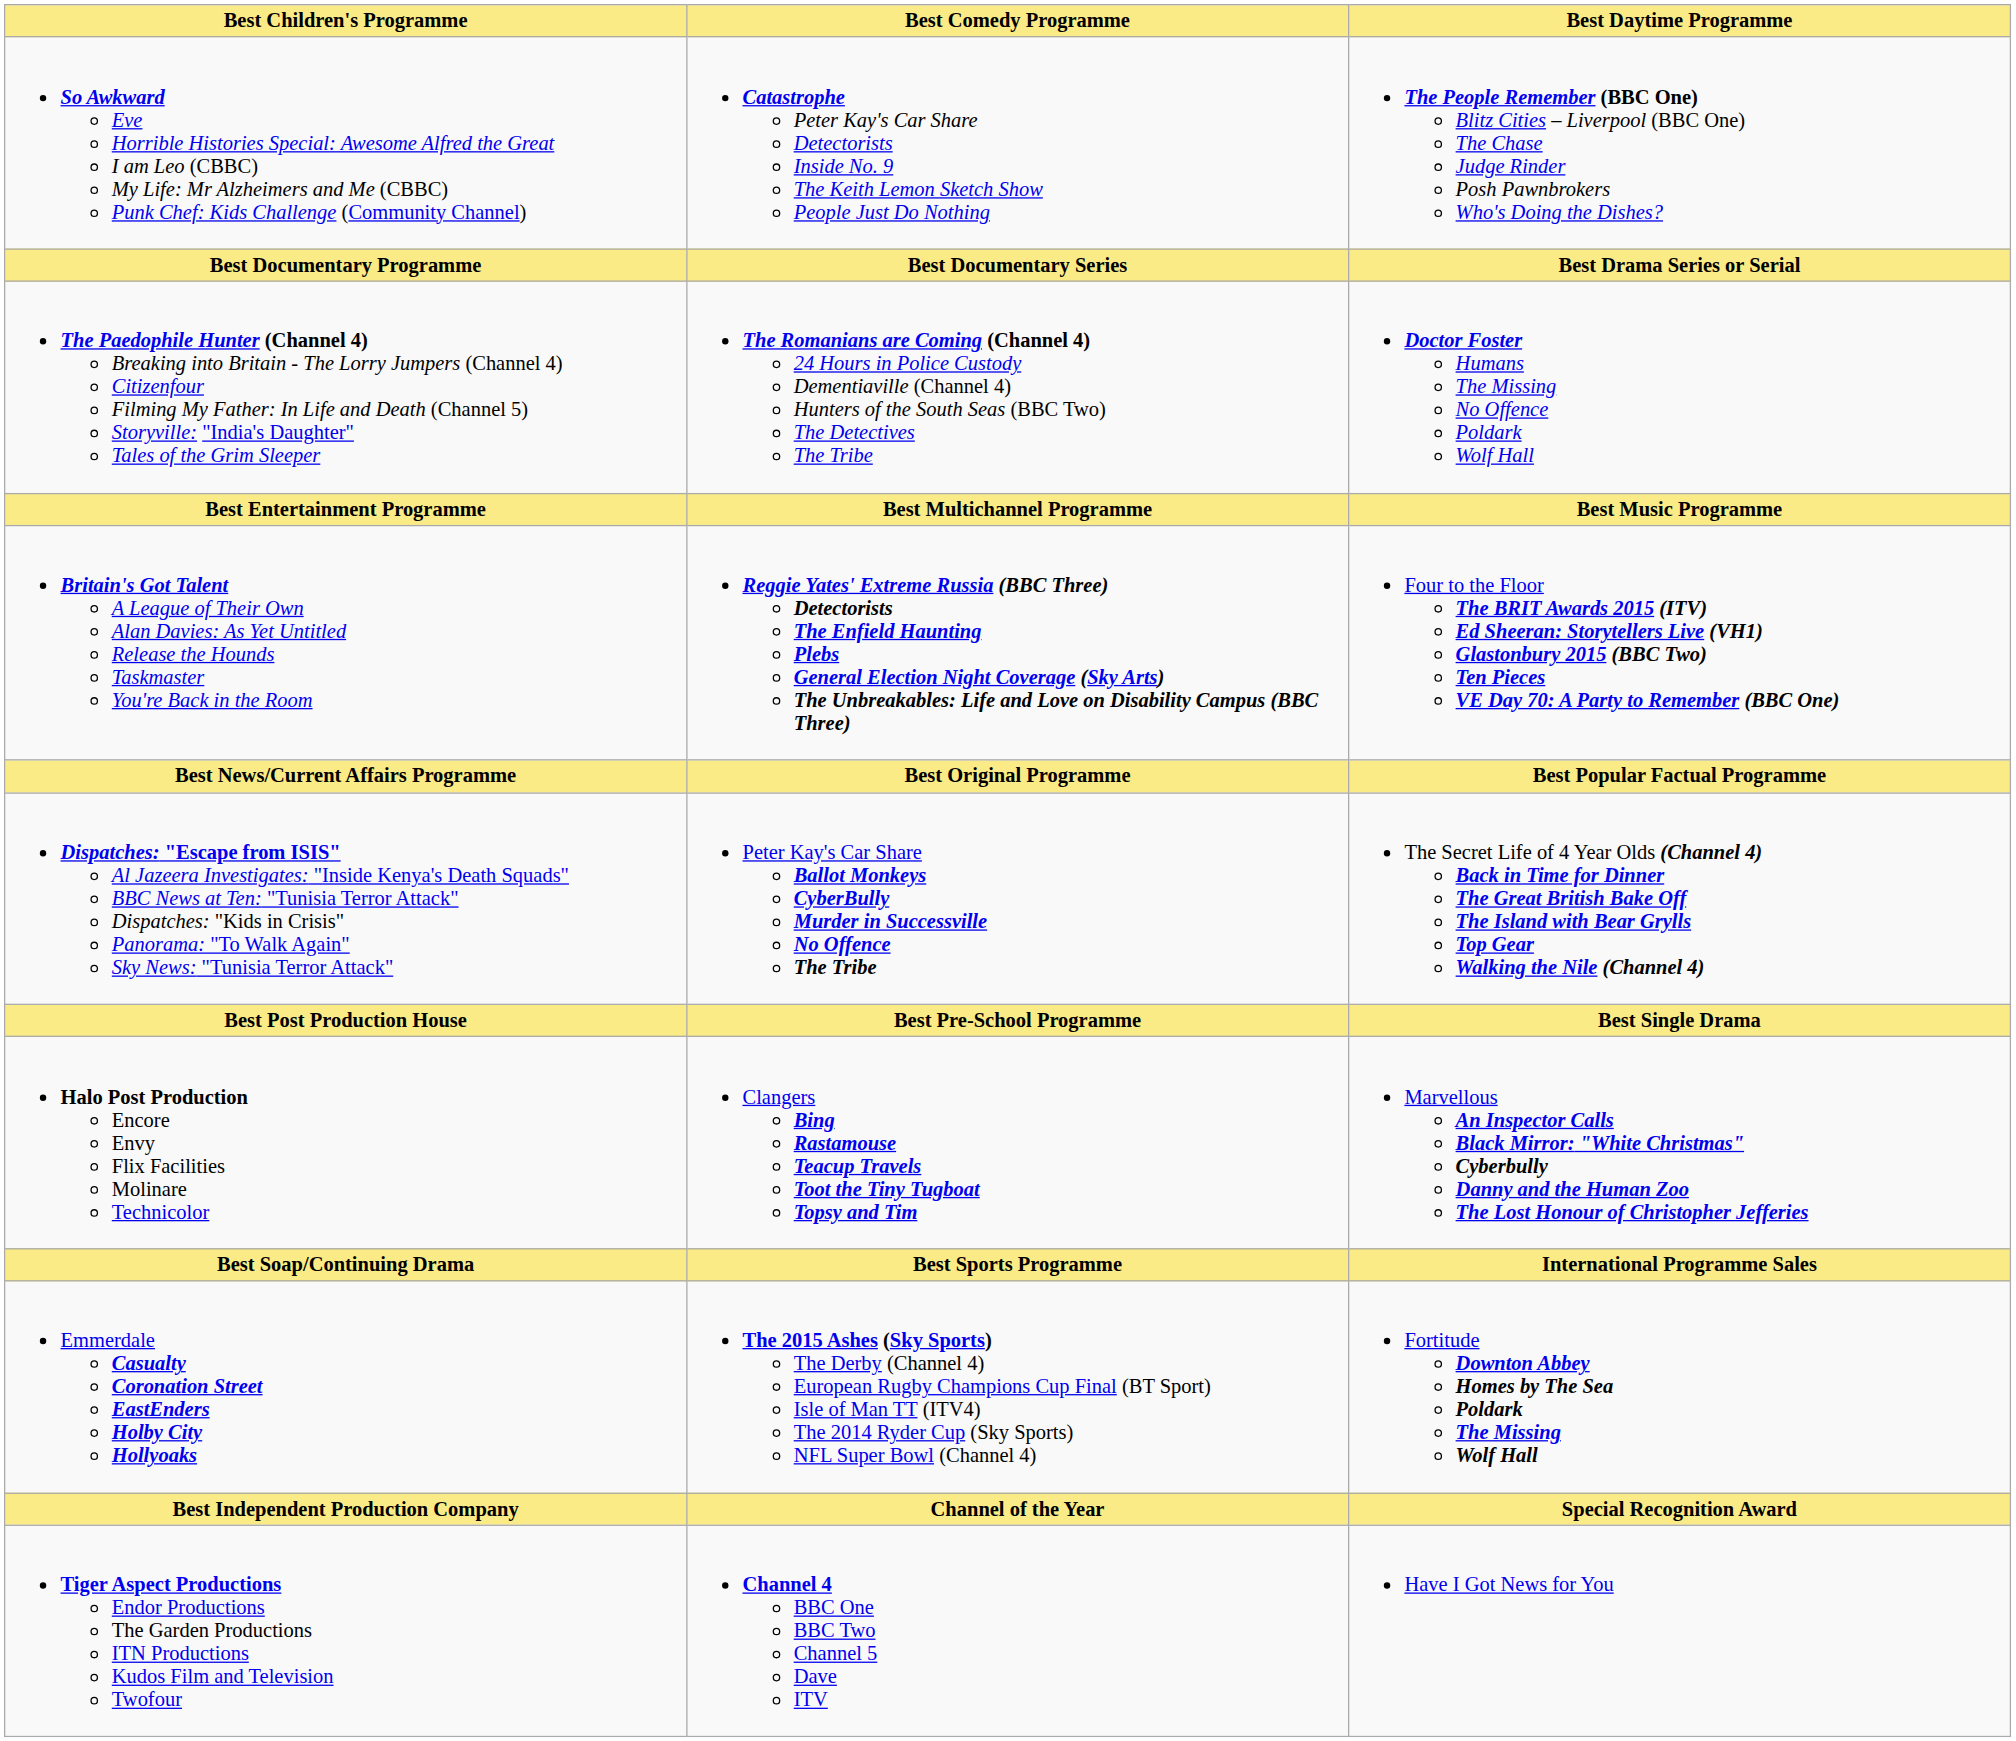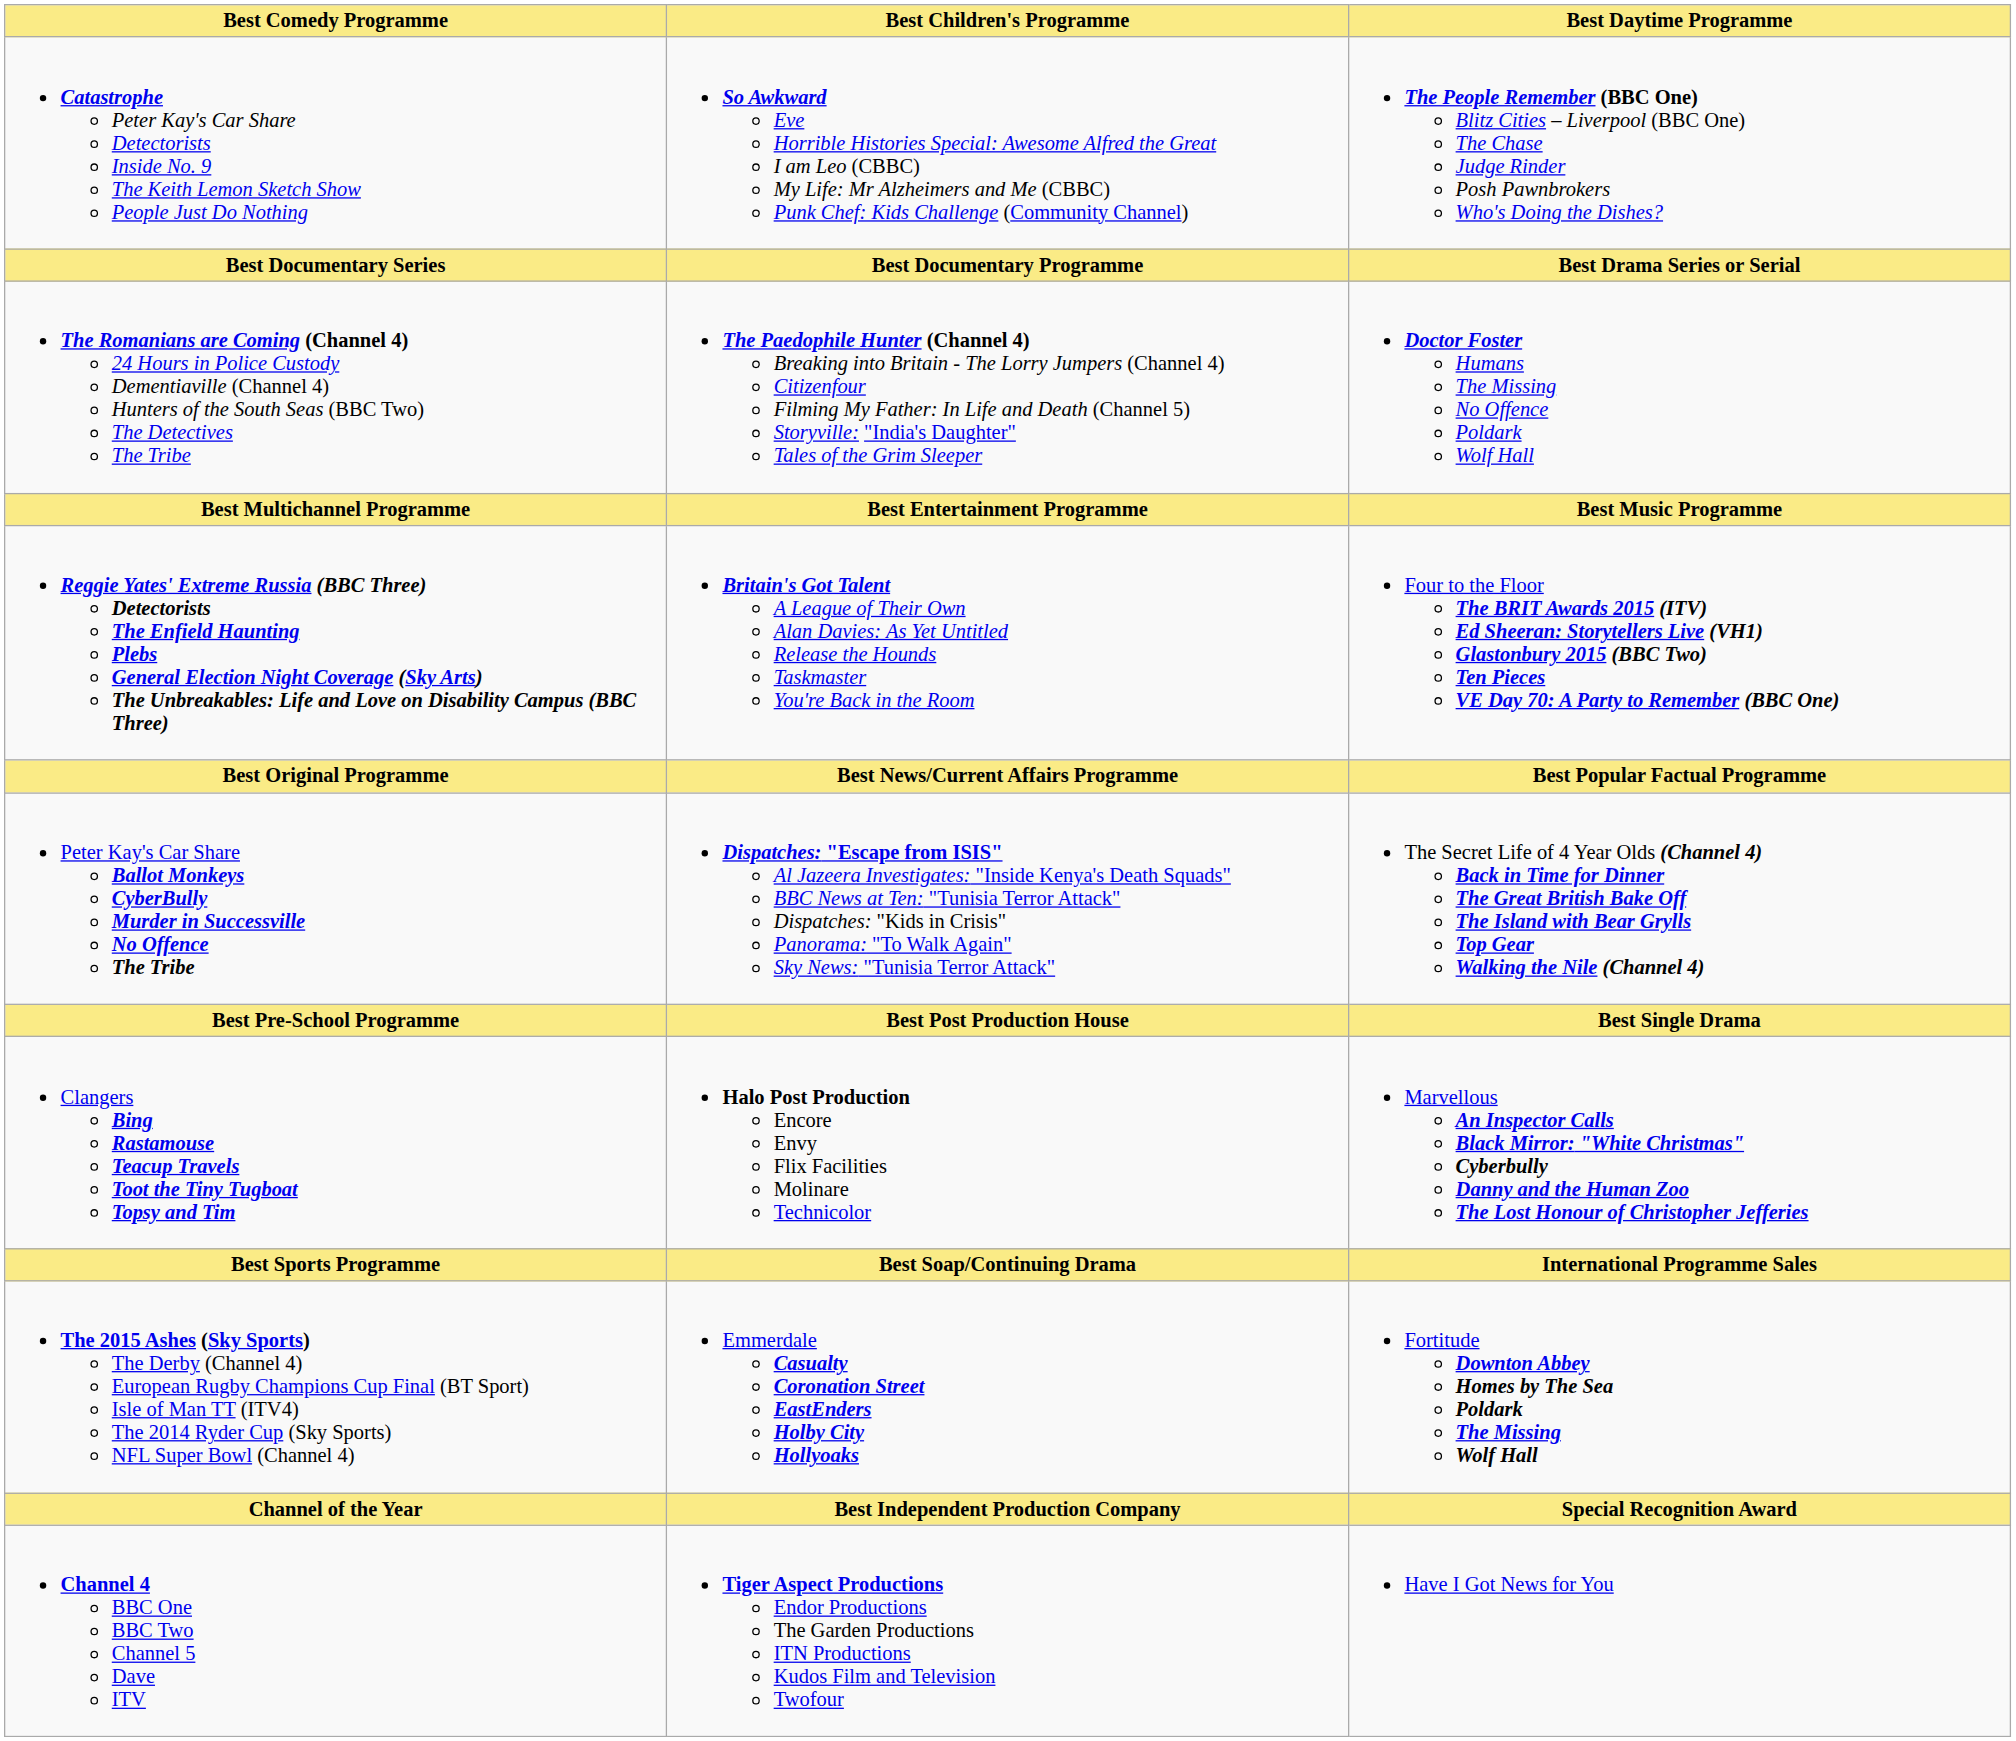 <table class=wikitable style=font-size:100%>
 <tr>
+<th style="background:#FAEB86;" width="33%">Best Comedy Programme</th>
 <th style="background:#FAEB86;" width="34%">Best Children's Programme</th>
-<th style="background:#FAEB86;" width="33%">Best Comedy Programme</th>
 <th style="background:#FAEB86;" width="33%">Best Daytime Programme</th>
 </tr>
 <tr>
+<td valign="top"><br><ul><li><strong><em><a href='#'>Catastrophe</a></em></strong><ul><li><em>Peter Kay's Car Share</em></li><li><em><a href='#'>Detectorists</a></em></li><li><em><a href='#'>Inside No. 9</a></em></li><li><em><a href='#'>The Keith Lemon Sketch Show</a></em></li><li><em><a href='#'>People Just Do Nothing</a></em></li></ul></li></ul></td>
 <td valign="top"><br><ul><li><strong><em><a href='#'>So Awkward</a></em></strong><ul><li><em><a href='#'>Eve</a></em></li><li><em><a href='#'>Horrible Histories Special: Awesome Alfred the Great</a></em></li><li><em>I am Leo</em> (CBBC)</li><li><em>My Life: Mr Alzheimers and Me</em> (CBBC)</li><li><em><a href='#'>Punk Chef: Kids Challenge</a></em> (<a href='#'>Community Channel</a>)</li></ul></li></ul></td>
-<td valign="top"><br><ul><li><strong><em><a href='#'>Catastrophe</a></em></strong><ul><li><em>Peter Kay's Car Share</em></li><li><em><a href='#'>Detectorists</a></em></li><li><em><a href='#'>Inside No. 9</a></em></li><li><em><a href='#'>The Keith Lemon Sketch Show</a></em></li><li><em><a href='#'>People Just Do Nothing</a></em></li></ul></li></ul></td>
 <td valign="top"><br><ul><li><strong><em><a href='#'>The People Remember</a></em></strong> <strong>(BBC One)</strong><ul><li><em><a href='#'>Blitz Cities</a> – Liverpool</em> (BBC One)</li><li><em><a href='#'>The Chase</a></em></li><li><em><a href='#'>Judge Rinder</a></em></li><li><em>Posh Pawnbrokers</em></li><li><em><a href='#'>Who's Doing the Dishes?</a></em></li></ul></li></ul></td>
 </tr>
 <tr>
+<th style="background:#FAEB86;" width="33%">Best Documentary Series</th>
 <th style="background:#FAEB86;" width="34%">Best Documentary Programme</th>
-<th style="background:#FAEB86;" width="33%">Best Documentary Series</th>
 <th style="background:#FAEB86;" width="33%">Best Drama Series or Serial</th>
 </tr>
 <tr>
+<td valign="top"><br><ul><li><strong><em><a href='#'>The Romanians are Coming</a></em></strong> <strong>(Channel 4)</strong><ul><li><em><a href='#'>24 Hours in Police Custody</a></em></li><li><em>Dementiaville</em> (Channel 4)</li><li><em>Hunters of the South Seas</em> (BBC Two)</li><li><em><a href='#'>The Detectives</a></em></li><li><em><a href='#'>The Tribe</a></em></li></ul></li></ul></td>
 <td valign="top"><br><ul><li><strong><em><a href='#'>The Paedophile Hunter</a></em></strong> <strong>(Channel 4)</strong><ul><li><em>Breaking into Britain - The Lorry Jumpers</em> (Channel 4)</li><li><em><a href='#'>Citizenfour</a></em></li><li><em>Filming My Father: In Life and Death</em> (Channel 5)</li><li><em><a href='#'>Storyville:</a></em> <a href='#'>"India's Daughter"</a></li><li><em><a href='#'>Tales of the Grim Sleeper</a></em></li></ul></li></ul></td>
-<td valign="top"><br><ul><li><strong><em><a href='#'>The Romanians are Coming</a></em></strong> <strong>(Channel 4)</strong><ul><li><em><a href='#'>24 Hours in Police Custody</a></em></li><li><em>Dementiaville</em> (Channel 4)</li><li><em>Hunters of the South Seas</em> (BBC Two)</li><li><em><a href='#'>The Detectives</a></em></li><li><em><a href='#'>The Tribe</a></em></li></ul></li></ul></td>
 <td valign="top"><br><ul><li><strong><em><a href='#'>Doctor Foster</a></em></strong><ul><li><em><a href='#'>Humans</a></em></li><li><em><a href='#'>The Missing</a></em></li><li><em><a href='#'>No Offence</a></em></li><li><em><a href='#'>Poldark</a></em></li><li><em><a href='#'>Wolf Hall</a></em></li></ul></li></ul></td>
 </tr>
 <tr>
+<th style="background:#FAEB86;" width="33%">Best Multichannel Programme</th>
 <th style="background:#FAEB86;" width="34%">Best Entertainment Programme</th>
-<th style="background:#FAEB86;" width="33%">Best Multichannel Programme</th>
 <th style="background:#FAEB86;" width="33%">Best Music Programme</th>
 </tr>
 <tr>
+<td valign="top"><br><ul><li><strong><em><a href='#'>Reggie Yates' Extreme Russia</a> <strong>(BBC Three)</strong><ul><li><em>Detectorists</em></li><li><em><a href='#'>The Enfield Haunting</a></em></li><li><em><a href='#'>Plebs</a></em></li><li><em><a href='#'>General Election Night Coverage</a></em> (<a href='#'>Sky Arts</a>)</li><li><em>The Unbreakables: Life and Love on Disability Campus</em> (BBC Three)</li></ul></li></ul></td>
 <td valign="top"><br><ul><li><strong><em><a href='#'>Britain's Got Talent</a></em></strong><ul><li><em><a href='#'>A League of Their Own</a></em></li><li><em><a href='#'>Alan Davies: As Yet Untitled</a></em></li><li><em><a href='#'>Release the Hounds</a></em></li><li><em><a href='#'>Taskmaster</a></em></li><li><em><a href='#'>You're Back in the Room</a></em></li></ul></li></ul></td>
-<td valign="top"><br><ul><li><strong><em><a href='#'>Reggie Yates' Extreme Russia</a> <strong>(BBC Three)</strong><ul><li><em>Detectorists</em></li><li><em><a href='#'>The Enfield Haunting</a></em></li><li><em><a href='#'>Plebs</a></em></li><li><em><a href='#'>General Election Night Coverage</a></em> (<a href='#'>Sky Arts</a>)</li><li><em>The Unbreakables: Life and Love on Disability Campus</em> (BBC Three)</li></ul></li></ul></td>
 <td valign="top"><br><ul><li></em></strong><a href='#'>Four to the Floor</a><strong><em><ul><li><a href='#'>The BRIT Awards 2015</a> (ITV)</li><li><em><a href='#'>Ed Sheeran: Storytellers Live</a></em> (VH1)</li><li><a href='#'>Glastonbury 2015</a> (BBC Two)</li><li><em><a href='#'>Ten Pieces</a></em></li><li><a href='#'>VE Day 70: A Party to Remember</a> (BBC One)</li></ul></li></ul></td>
 </tr>
 <tr>
+<th style="background:#FAEB86;" width="33%">Best Original Programme</th>
 <th style="background:#FAEB86;" width="34%">Best News/Current Affairs Programme</th>
-<th style="background:#FAEB86;" width="33%">Best Original Programme</th>
 <th style="background:#FAEB86;" width="33%">Best Popular Factual Programme</th>
 </tr>
 <tr>
+<td valign="top"><br><ul><li></em></strong><a href='#'>Peter Kay's Car Share</a><strong><em><ul><li><em><a href='#'>Ballot Monkeys</a></em></li><li><em><a href='#'>CyberBully</a></em></li><li><em><a href='#'>Murder in Successville</a></em></li><li><em><a href='#'>No Offence</a></em></li><li><em>The Tribe</em></li></ul></li></ul></td>
 <td valign="top"><br><ul><li><strong><a href='#'><em>Dispatches:</em> "Escape from ISIS"</a></strong><ul><li><a href='#'><em>Al Jazeera Investigates:</em> "Inside Kenya's Death Squads"</a></li><li><a href='#'><em>BBC News at Ten:</em> "Tunisia Terror Attack"</a></li><li><em>Dispatches:</em> "Kids in Crisis"</li><li><a href='#'><em>Panorama:</em> "To Walk Again"</a></li><li><a href='#'><em>Sky News:</em> "Tunisia Terror Attack"</a></li></ul></li></ul></td>
-<td valign="top"><br><ul><li></em></strong><a href='#'>Peter Kay's Car Share</a><strong><em><ul><li><em><a href='#'>Ballot Monkeys</a></em></li><li><em><a href='#'>CyberBully</a></em></li><li><em><a href='#'>Murder in Successville</a></em></li><li><em><a href='#'>No Offence</a></em></li><li><em>The Tribe</em></li></ul></li></ul></td>
 <td valign="top"><br><ul><li></em></strong>The Secret Life of 4 Year Olds<strong><em> <strong>(Channel 4)</strong><ul><li><em><a href='#'>Back in Time for Dinner</a></em></li><li><em><a href='#'>The Great British Bake Off</a></em></li><li><em><a href='#'>The Island with Bear Grylls</a></em></li><li><em><a href='#'>Top Gear</a></em></li><li><em><a href='#'>Walking the Nile</a></em> (Channel 4)</li></ul></li></ul></td>
 </tr>
 <tr>
+<th style="background:#FAEB86;" width="33%">Best Pre-School Programme</th>
 <th style="background:#FAEB86;" width="34%">Best Post Production House</th>
-<th style="background:#FAEB86;" width="33%">Best Pre-School Programme</th>
 <th style="background:#FAEB86;" width="33%">Best Single Drama</th>
 </tr>
 <tr>
+<td valign="top"><br><ul><li></em></strong><a href='#'>Clangers</a><strong><em><ul><li><em><a href='#'>Bing</a></em></li><li><em><a href='#'>Rastamouse</a></em></li><li><em><a href='#'>Teacup Travels</a></em></li><li><em><a href='#'>Toot the Tiny Tugboat</a></em></li><li><em><a href='#'>Topsy and Tim</a></em></li></ul></li></ul></td>
 <td valign="top"><br><ul><li><strong>Halo Post Production</strong><ul><li>Encore</li><li>Envy</li><li>Flix Facilities</li><li>Molinare</li><li><a href='#'>Technicolor</a></li></ul></li></ul></td>
-<td valign="top"><br><ul><li></em></strong><a href='#'>Clangers</a><strong><em><ul><li><em><a href='#'>Bing</a></em></li><li><em><a href='#'>Rastamouse</a></em></li><li><em><a href='#'>Teacup Travels</a></em></li><li><em><a href='#'>Toot the Tiny Tugboat</a></em></li><li><em><a href='#'>Topsy and Tim</a></em></li></ul></li></ul></td>
 <td valign="top"><br><ul><li></em></strong><a href='#'>Marvellous</a><strong><em><ul><li><em><a href='#'>An Inspector Calls</a></em></li><li><a href='#'><em>Black Mirror:</em> "White Christmas"</a></li><li><em>Cyberbully</em></li><li><em><a href='#'>Danny and the Human Zoo</a></em></li><li><em><a href='#'>The Lost Honour of Christopher Jefferies</a></em></li></ul></li></ul></td>
 </tr>
 <tr>
+<th style="background:#FAEB86;" width="33%">Best Sports Programme</th>
 <th style="background:#FAEB86;" width="34%">Best Soap/Continuing Drama</th>
-<th style="background:#FAEB86;" width="33%">Best Sports Programme</th>
 <th style="background:#FAEB86;" width="33%">International Programme Sales</th>
 </tr>
 <tr>
+<td valign="top"><br><ul><li><a href='#'><strong>The 2015 Ashes</strong></a> <strong>(<a href='#'>Sky Sports</a>)</strong><ul><li><a href='#'>The Derby</a> (Channel 4)</li><li><a href='#'>European Rugby Champions Cup Final</a> (BT Sport)</li><li><a href='#'>Isle of Man TT</a> (ITV4)</li><li><a href='#'>The 2014 Ryder Cup</a> (Sky Sports)</li><li><a href='#'>NFL Super Bowl</a> (Channel 4)</li></ul></li></ul></td>
 <td valign="top"><br><ul><li></em></strong><a href='#'>Emmerdale</a><strong><em><ul><li><em><a href='#'>Casualty</a></em></li><li><em><a href='#'>Coronation Street</a></em></li><li><em><a href='#'>EastEnders</a></em></li><li><em><a href='#'>Holby City</a></em></li><li><em><a href='#'>Hollyoaks</a></em></li></ul></li></ul></td>
-<td valign="top"><br><ul><li><a href='#'><strong>The 2015 Ashes</strong></a> <strong>(<a href='#'>Sky Sports</a>)</strong><ul><li><a href='#'>The Derby</a> (Channel 4)</li><li><a href='#'>European Rugby Champions Cup Final</a> (BT Sport)</li><li><a href='#'>Isle of Man TT</a> (ITV4)</li><li><a href='#'>The 2014 Ryder Cup</a> (Sky Sports)</li><li><a href='#'>NFL Super Bowl</a> (Channel 4)</li></ul></li></ul></td>
 <td valign="top"><br><ul><li><a href='#'></em></strong>Fortitude<strong><em></a><ul><li><em><a href='#'>Downton Abbey</a></em></li><li><em>Homes by The Sea</em></li><li><em>Poldark</em></li><li><em><a href='#'>The Missing</a></em></li><li><em>Wolf Hall</em></li></ul></li></ul></td>
 </tr>
 <tr>
+<th style="background:#FAEB86;" width="33%">Channel of the Year</th>
 <th style="background:#FAEB86;" width="33%">Best Independent Production Company</th>
-<th style="background:#FAEB86;" width="33%">Channel of the Year</th>
 <th style="background:#FAEB86;" width="33%">Special Recognition Award</th>
 </tr>
 <tr>
+<td valign="top"><br><ul><li><strong><a href='#'>Channel 4</a></strong><ul><li><a href='#'>BBC One</a></li><li><a href='#'>BBC Two</a></li><li><a href='#'>Channel 5</a></li><li><a href='#'>Dave</a></li><li><a href='#'>ITV</a></li></ul></li></ul></td>
 <td valign="top"><br><ul><li><strong><a href='#'>Tiger Aspect Productions</a></strong><ul><li><a href='#'>Endor Productions</a></li><li>The Garden Productions</li><li><a href='#'>ITN Productions</a></li><li><a href='#'>Kudos Film and Television</a></li><li><a href='#'>Twofour</a></li></ul></li></ul></td>
-<td valign="top"><br><ul><li><strong><a href='#'>Channel 4</a></strong><ul><li><a href='#'>BBC One</a></li><li><a href='#'>BBC Two</a></li><li><a href='#'>Channel 5</a></li><li><a href='#'>Dave</a></li><li><a href='#'>ITV</a></li></ul></li></ul></td>
 <td valign="top"><br><ul><li></em></strong><a href='#'>Have I Got News for You</a><strong><em></li></ul></td>
 </tr>
 </table>
